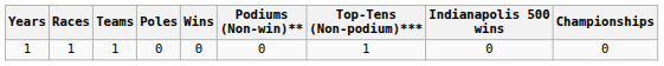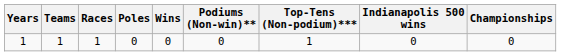 <table class="wikitable" style="text-align:center; font-size:95%">
 <tr>
 <th>Years</th>
+<th>Teams</th>
 <th>Races</th>
-<th>Teams</th>
 <th>Poles</th>
 <th>Wins</th>
 <th>Podiums<br>(Non-win)**</th>
 <th>Top-Tens<br>(Non-podium)***</th>
 <th>Indianapolis 500<br> wins</th>
 <th>Championships</th>
 </tr>
 <tr>
 <td>1</td>
 <td>1</td>
 <td>1</td>
 <td>0</td>
 <td>0</td>
 <td>0</td>
 <td>1</td>
 <td>0</td>
 <td>0</td>
 </tr>
 </table>
